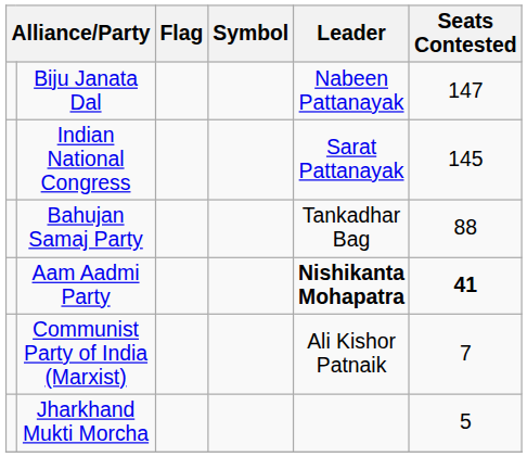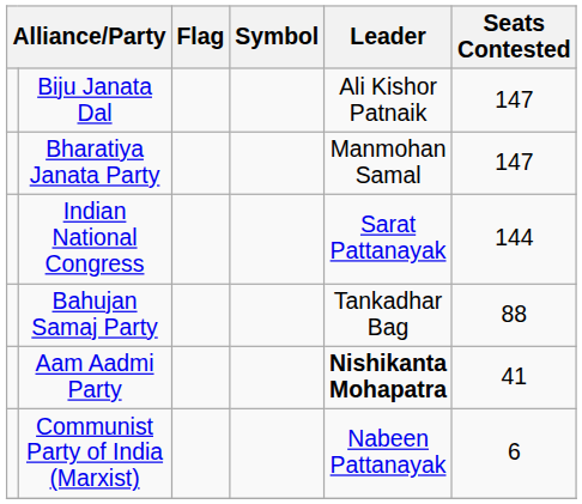 <table class="wikitable" align="right" width="50%" style="text-align:center; font-size:100%;">
 <tr>
 <th colspan="2">Alliance/Party</th>
 <th>Flag</th>
 <th>Symbol</th>
 <th>Leader</th>
 <th>Seats Contested</th>
 </tr>
 <tr>
 <td></td>
 <td><a href='#'>Biju Janata Dal</a></td>
 <td></td>
 <td></td>
-<td><a href='#'>Nabeen Pattanayak</a></td>
+<td>Ali Kishor Patnaik</td>
+<td style="text-align:center">147</td>
+</tr>
+<tr>
+<td></td>
+<td><a href='#'>Bharatiya Janata Party</a></td>
+<td></td>
+<td></td>
+<td>Manmohan Samal</td>
 <td style="text-align:center">147</td>
 </tr>
 <tr>
 <td></td>
 <td><a href='#'>Indian National Congress</a></td>
 <td></td>
 <td></td>
 <td><a href='#'>Sarat Pattanayak</a></td>
-<td style="text-align:center">145</td>
+<td style="text-align:center">144</td>
 </tr>
 <tr>
 <td></td>
 <td><a href='#'>Bahujan Samaj Party</a></td>
 <td></td>
 <td></td>
 <td>Tankadhar Bag</td>
 <td style="text-align:center">88</td>
 </tr>
 <tr>
 <td></td>
 <td><a href='#'>Aam Aadmi Party</a></td>
 <td></td>
 <td></td>
 <td><strong>Nishikanta Mohapatra</strong></td>
-<td style="text-align:center"><strong>41</strong></td>
+<td style="text-align:center">41</td>
 </tr>
 <tr>
 <td></td>
 <td><a href='#'>Communist Party of India (Marxist)</a></td>
 <td></td>
 <td></td>
-<td>Ali Kishor Patnaik</td>
-<td>7</td>
-</tr>
-<tr>
-<td></td>
-<td><a href='#'>Jharkhand Mukti Morcha</a></td>
-<td></td>
-<td></td>
-<td></td>
-<td>5</td>
+<td><a href='#'>Nabeen Pattanayak</a></td>
+<td>6</td>
 </tr>
 <tr>
 </tr>
 </table>
